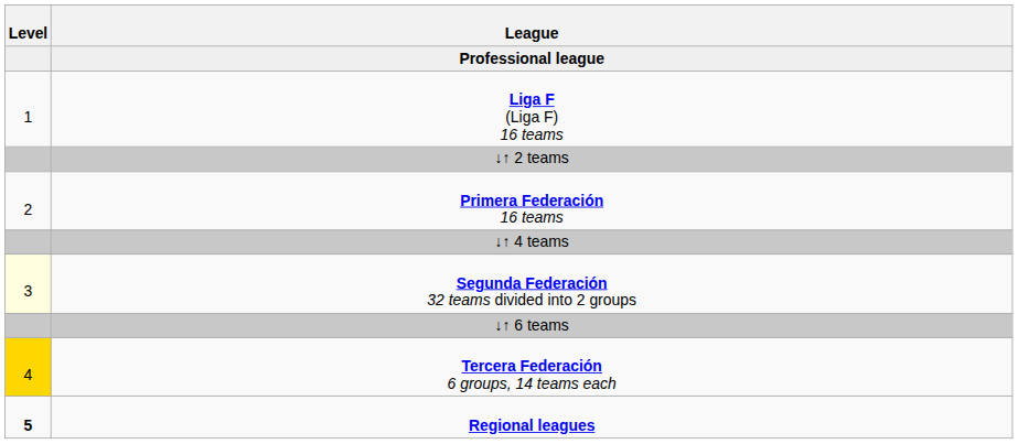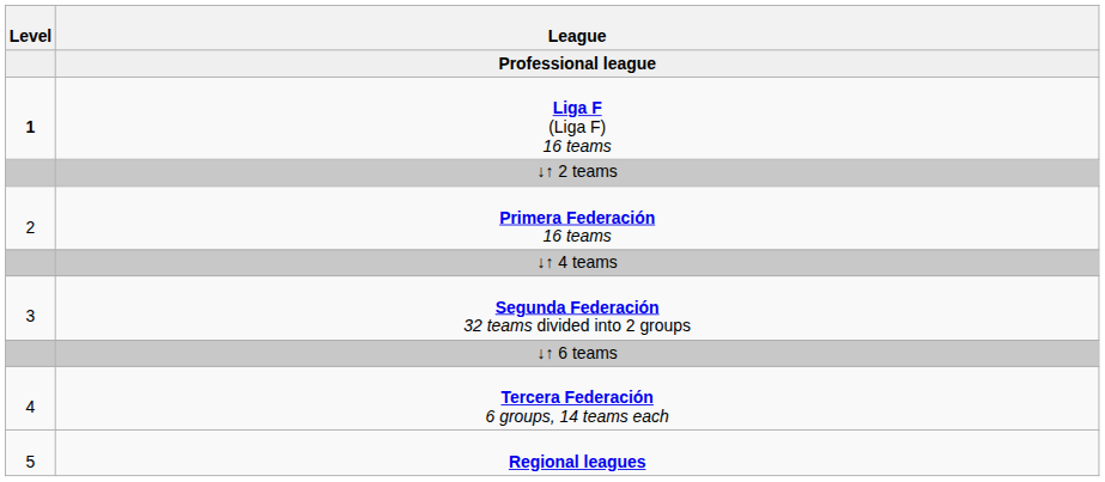 <table class="wikitable" style="text-align: center;">
 <tr south>
 <th colspan="1" width="4%"><br>Level</th>
 <th colspan="12" width="96%"><br>League</th>
 </tr>
 <tr style="background:#efefef;">
 <td width="4.6%" align="center"></td>
 <td colspan="18" width="95.4%" style="text-align:center;"><strong>Professional league</strong></td>
 </tr>
 <tr>
-<td colspan="1" width="4%"><br>1</td>
+<td colspan="1" width="4%"><strong><br>1</strong></td>
 <td colspan="12" width="96%"><br><strong><a href='#'>Liga F</a></strong><br>(Liga F)<br><em>16 teams</em></td>
 </tr>
 <tr style="background:#c8c8c8">
 <td style="width:4%;"></td>
 <td colspan="12" style="width:96%;">↓↑ 2 teams</td>
 </tr>
 <tr>
 <td colspan="1" width="4%"><br>2</td>
 <td colspan="12" width="96%"><br><strong><a href='#'>Primera Federación</a></strong><br><em>16 teams</em></td>
 </tr>
 <tr style="background:#c8c8c8">
 <td style="width:4%;"></td>
 <td colspan="12" style="width:96%;">↓↑ 4 teams</td>
 </tr>
 <tr>
-<td colspan="1" width="4%" style="background: lightyellow;"><br>3</td>
+<td colspan="1" width="4%"><br>3</td>
 <td colspan="12" width="96%"><br><strong><a href='#'>Segunda Federación</a></strong><br><em>32 teams</em> divided into 2 groups</td>
 </tr>
 <tr style="background:#c8c8c8">
 <td style="width:4%;"></td>
 <td colspan="12" style="width:96%;">↓↑ 6 teams</td>
 </tr>
 <tr>
-<td colspan="1" width="4%" style="background: gold;"><br>4</td>
+<td colspan="1" width="4%"><br>4</td>
 <td colspan="12" width="96%"><br><strong><a href='#'>Tercera Federación</a></strong><br><em>6 groups, 14 teams each</em></td>
 </tr>
 <tr>
-<td colspan="1" width="4%"><strong><br>5</strong></td>
+<td colspan="1" width="4%"><br>5</td>
 <td colspan="12" width="96%"><br><strong><a href='#'>Regional leagues</a></strong></td>
 </tr>
 </table>
